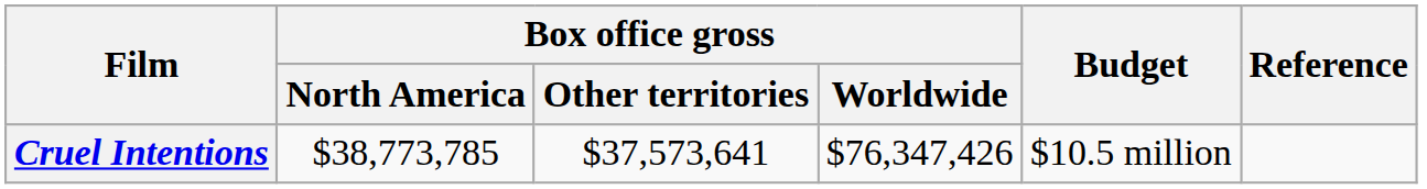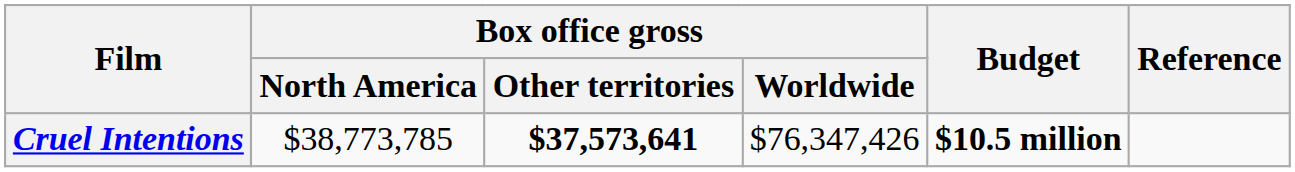 <table class="wikitable plainrowheaders" style="text-align:center;">
 <tr>
 <th rowspan="2">Film</th>
 <th colspan="3">Box office gross</th>
 <th rowspan="2">Budget</th>
 <th rowspan="2">Reference</th>
 </tr>
 <tr>
 <th>North America</th>
 <th>Other territories</th>
 <th>Worldwide</th>
 </tr>
 <tr>
 <th scope="row"><em><a href='#'>Cruel Intentions</a></em></th>
 <td>$38,773,785</td>
-<td>$37,573,641</td>
+<td><strong>$37,573,641</strong></td>
 <td>$76,347,426</td>
-<td>$10.5 million</td>
+<td><strong>$10.5 million</strong></td>
 <td></td>
 </tr>
 </table>
